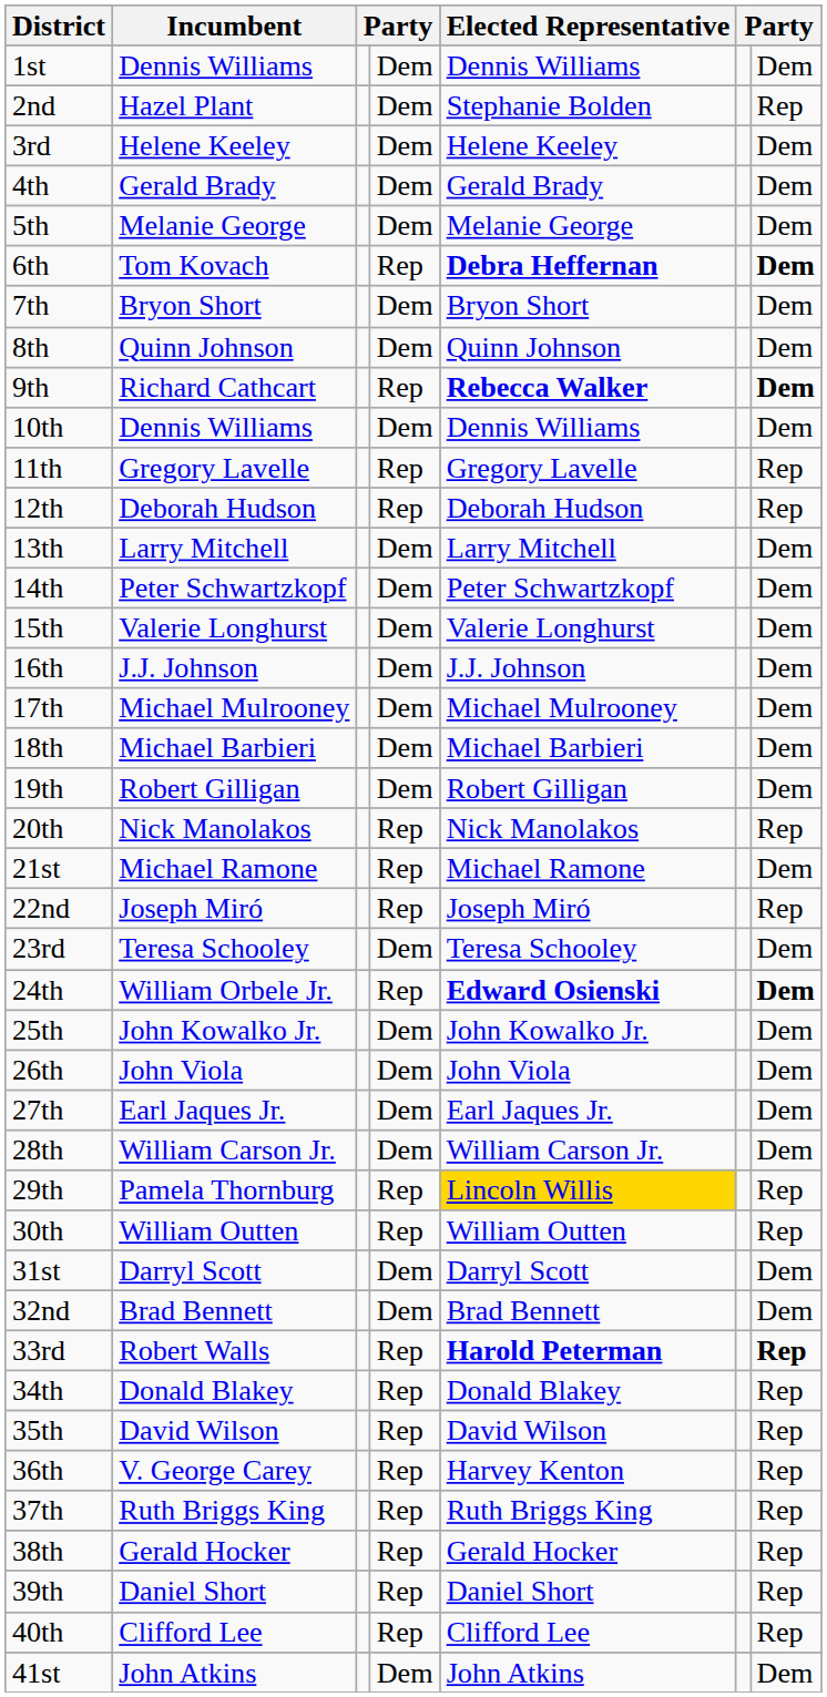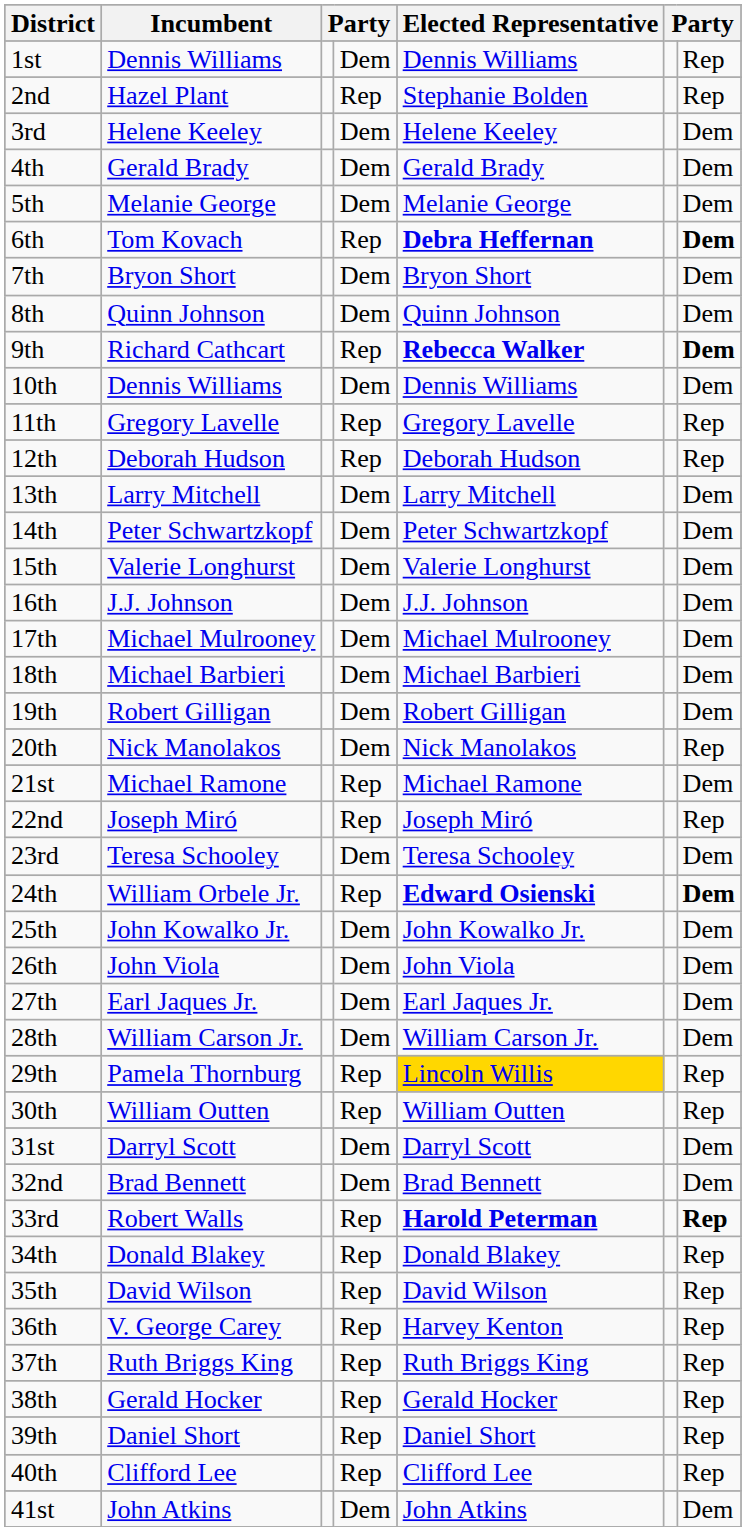 <table class="sortable wikitable" style="font-size:95%;line-height:14px;">
 <tr>
 <th class="sortable">District</th>
 <th class="unsortable">Incumbent</th>
 <th colspan="2">Party</th>
 <th class="unsortable">Elected Representative</th>
 <th colspan="2">Party</th>
 </tr>
 <tr>
 <td>1st</td>
 <td><a href='#'>Dennis Williams</a></td>
 <td style="background:"></td>
 <td>Dem</td>
 <td><a href='#'>Dennis Williams</a></td>
 <td style="background:"></td>
-<td>Dem</td>
+<td>Rep</td>
 </tr>
 <tr>
 <td>2nd</td>
 <td><a href='#'>Hazel Plant</a></td>
 <td style="background:"></td>
-<td>Dem</td>
+<td>Rep</td>
 <td><a href='#'>Stephanie Bolden</a></td>
 <td style="background:"></td>
 <td>Rep</td>
 </tr>
 <tr>
 <td>3rd</td>
 <td><a href='#'>Helene Keeley</a></td>
 <td style="background:"></td>
 <td>Dem</td>
 <td><a href='#'>Helene Keeley</a></td>
 <td style="background:"></td>
 <td>Dem</td>
 </tr>
 <tr>
 <td>4th</td>
 <td><a href='#'>Gerald Brady</a></td>
 <td style="background:"></td>
 <td>Dem</td>
 <td><a href='#'>Gerald Brady</a></td>
 <td style="background:"></td>
 <td>Dem</td>
 </tr>
 <tr>
 <td>5th</td>
 <td><a href='#'>Melanie George</a></td>
 <td style="background:"></td>
 <td>Dem</td>
 <td><a href='#'>Melanie George</a></td>
 <td style="background:"></td>
 <td>Dem</td>
 </tr>
 <tr>
 <td>6th</td>
 <td><a href='#'>Tom Kovach</a></td>
 <td style="background:"></td>
 <td>Rep</td>
 <td><strong><a href='#'>Debra Heffernan</a></strong></td>
 <td style="background:"></td>
 <td><strong>Dem</strong></td>
 </tr>
 <tr>
 <td>7th</td>
 <td><a href='#'>Bryon Short</a></td>
 <td style="background:"></td>
 <td>Dem</td>
 <td><a href='#'>Bryon Short</a></td>
 <td style="background:"></td>
 <td>Dem</td>
 </tr>
 <tr>
 <td>8th</td>
 <td><a href='#'>Quinn Johnson</a></td>
 <td style="background:"></td>
 <td>Dem</td>
 <td><a href='#'>Quinn Johnson</a></td>
 <td style="background:"></td>
 <td>Dem</td>
 </tr>
 <tr>
 <td>9th</td>
 <td><a href='#'>Richard Cathcart</a></td>
 <td style="background:"></td>
 <td>Rep</td>
 <td><strong><a href='#'>Rebecca Walker</a></strong></td>
 <td style="background:"></td>
 <td><strong>Dem</strong></td>
 </tr>
 <tr>
 <td>10th</td>
 <td><a href='#'>Dennis Williams</a></td>
 <td style="background:"></td>
 <td>Dem</td>
 <td><a href='#'>Dennis Williams</a></td>
 <td style="background:"></td>
 <td>Dem</td>
 </tr>
 <tr>
 <td>11th</td>
 <td><a href='#'>Gregory Lavelle</a></td>
 <td style="background:"></td>
 <td>Rep</td>
 <td><a href='#'>Gregory Lavelle</a></td>
 <td style="background:"></td>
 <td>Rep</td>
 </tr>
 <tr>
 <td>12th</td>
 <td><a href='#'>Deborah Hudson</a></td>
 <td style="background:"></td>
 <td>Rep</td>
 <td><a href='#'>Deborah Hudson</a></td>
 <td style="background:"></td>
 <td>Rep</td>
 </tr>
 <tr>
 <td>13th</td>
 <td><a href='#'>Larry Mitchell</a></td>
 <td style="background:"></td>
 <td>Dem</td>
 <td><a href='#'>Larry Mitchell</a></td>
 <td style="background:"></td>
 <td>Dem</td>
 </tr>
 <tr>
 <td>14th</td>
 <td><a href='#'>Peter Schwartzkopf</a></td>
 <td style="background:"></td>
 <td>Dem</td>
 <td><a href='#'>Peter Schwartzkopf</a></td>
 <td style="background:"></td>
 <td>Dem</td>
 </tr>
 <tr>
 <td>15th</td>
 <td><a href='#'>Valerie Longhurst</a></td>
 <td style="background:"></td>
 <td>Dem</td>
 <td><a href='#'>Valerie Longhurst</a></td>
 <td style="background:"></td>
 <td>Dem</td>
 </tr>
 <tr>
 <td>16th</td>
 <td><a href='#'>J.J. Johnson</a></td>
 <td style="background:"></td>
 <td>Dem</td>
 <td><a href='#'>J.J. Johnson</a></td>
 <td style="background:"></td>
 <td>Dem</td>
 </tr>
 <tr>
 <td>17th</td>
 <td><a href='#'>Michael Mulrooney</a></td>
 <td style="background:"></td>
 <td>Dem</td>
 <td><a href='#'>Michael Mulrooney</a></td>
 <td style="background:"></td>
 <td>Dem</td>
 </tr>
 <tr>
 <td>18th</td>
 <td><a href='#'>Michael Barbieri</a></td>
 <td style="background:"></td>
 <td>Dem</td>
 <td><a href='#'>Michael Barbieri</a></td>
 <td style="background:"></td>
 <td>Dem</td>
 </tr>
 <tr>
 <td>19th</td>
 <td><a href='#'>Robert Gilligan</a></td>
 <td style="background:"></td>
 <td>Dem</td>
 <td><a href='#'>Robert Gilligan</a></td>
 <td style="background:"></td>
 <td>Dem</td>
 </tr>
 <tr>
 <td>20th</td>
 <td><a href='#'>Nick Manolakos</a></td>
 <td style="background:"></td>
-<td>Rep</td>
+<td>Dem</td>
 <td><a href='#'>Nick Manolakos</a></td>
 <td style="background:"></td>
 <td>Rep</td>
 </tr>
 <tr>
 <td>21st</td>
 <td><a href='#'>Michael Ramone</a></td>
 <td style="background:"></td>
 <td>Rep</td>
 <td><a href='#'>Michael Ramone</a></td>
 <td style="background:"></td>
 <td>Dem</td>
 </tr>
 <tr>
 <td>22nd</td>
 <td><a href='#'>Joseph Miró</a></td>
 <td style="background:"></td>
 <td>Rep</td>
 <td><a href='#'>Joseph Miró</a></td>
 <td style="background:"></td>
 <td>Rep</td>
 </tr>
 <tr>
 <td>23rd</td>
 <td><a href='#'>Teresa Schooley</a></td>
 <td style="background:"></td>
 <td>Dem</td>
 <td><a href='#'>Teresa Schooley</a></td>
 <td style="background:"></td>
 <td>Dem</td>
 </tr>
 <tr>
 <td>24th</td>
 <td><a href='#'>William Orbele Jr.</a></td>
 <td style="background:"></td>
 <td>Rep</td>
 <td><strong><a href='#'>Edward Osienski</a></strong></td>
 <td style="background:"></td>
 <td><strong>Dem</strong></td>
 </tr>
 <tr>
 <td>25th</td>
 <td><a href='#'>John Kowalko Jr.</a></td>
 <td style="background:"></td>
 <td>Dem</td>
 <td><a href='#'>John Kowalko Jr.</a></td>
 <td style="background:"></td>
 <td>Dem</td>
 </tr>
 <tr>
 <td>26th</td>
 <td><a href='#'>John Viola</a></td>
 <td style="background:"></td>
 <td>Dem</td>
 <td><a href='#'>John Viola</a></td>
 <td style="background:"></td>
 <td>Dem</td>
 </tr>
 <tr>
 <td>27th</td>
 <td><a href='#'>Earl Jaques Jr.</a></td>
 <td style="background:"></td>
 <td>Dem</td>
 <td><a href='#'>Earl Jaques Jr.</a></td>
 <td style="background:"></td>
 <td>Dem</td>
 </tr>
 <tr>
 <td>28th</td>
 <td><a href='#'>William Carson Jr.</a></td>
 <td style="background:"></td>
 <td>Dem</td>
 <td><a href='#'>William Carson Jr.</a></td>
 <td style="background:"></td>
 <td>Dem</td>
 </tr>
 <tr>
 <td>29th</td>
 <td><a href='#'>Pamela Thornburg</a></td>
 <td style="background:"></td>
 <td>Rep</td>
 <td style="background: gold;"><a href='#'>Lincoln Willis</a></td>
 <td style="background:"></td>
 <td>Rep</td>
 </tr>
 <tr>
 <td>30th</td>
 <td><a href='#'>William Outten</a></td>
 <td style="background:"></td>
 <td>Rep</td>
 <td><a href='#'>William Outten</a></td>
 <td style="background:"></td>
 <td>Rep</td>
 </tr>
 <tr>
 <td>31st</td>
 <td><a href='#'>Darryl Scott</a></td>
 <td style="background:"></td>
 <td>Dem</td>
 <td><a href='#'>Darryl Scott</a></td>
 <td style="background:"></td>
 <td>Dem</td>
 </tr>
 <tr>
 <td>32nd</td>
 <td><a href='#'>Brad Bennett</a></td>
 <td style="background:"></td>
 <td>Dem</td>
 <td><a href='#'>Brad Bennett</a></td>
 <td style="background:"></td>
 <td>Dem</td>
 </tr>
 <tr>
 <td>33rd</td>
 <td><a href='#'>Robert Walls</a></td>
 <td style="background:"></td>
 <td>Rep</td>
 <td><strong><a href='#'>Harold Peterman</a></strong></td>
 <td style="background:"></td>
 <td><strong>Rep</strong></td>
 </tr>
 <tr>
 <td>34th</td>
 <td><a href='#'>Donald Blakey</a></td>
 <td style="background:"></td>
 <td>Rep</td>
 <td><a href='#'>Donald Blakey</a></td>
 <td style="background:"></td>
 <td>Rep</td>
 </tr>
 <tr>
 <td>35th</td>
 <td><a href='#'>David Wilson</a></td>
 <td style="background:"></td>
 <td>Rep</td>
 <td><a href='#'>David Wilson</a></td>
 <td style="background:"></td>
 <td>Rep</td>
 </tr>
 <tr>
 <td>36th</td>
 <td><a href='#'>V. George Carey</a></td>
 <td style="background:"></td>
 <td>Rep</td>
 <td><a href='#'>Harvey Kenton</a></td>
 <td style="background:"></td>
 <td>Rep</td>
 </tr>
 <tr>
 <td>37th</td>
 <td><a href='#'>Ruth Briggs King</a></td>
 <td style="background:"></td>
 <td>Rep</td>
 <td><a href='#'>Ruth Briggs King</a></td>
 <td style="background:"></td>
 <td>Rep</td>
 </tr>
 <tr>
 <td>38th</td>
 <td><a href='#'>Gerald Hocker</a></td>
 <td style="background:"></td>
 <td>Rep</td>
 <td><a href='#'>Gerald Hocker</a></td>
 <td style="background:"></td>
 <td>Rep</td>
 </tr>
 <tr>
 <td>39th</td>
 <td><a href='#'>Daniel Short</a></td>
 <td style="background:"></td>
 <td>Rep</td>
 <td><a href='#'>Daniel Short</a></td>
 <td style="background:"></td>
 <td>Rep</td>
 </tr>
 <tr>
 <td>40th</td>
 <td><a href='#'>Clifford Lee</a></td>
 <td style="background:"></td>
 <td>Rep</td>
 <td><a href='#'>Clifford Lee</a></td>
 <td style="background:"></td>
 <td>Rep</td>
 </tr>
 <tr>
 <td>41st</td>
 <td><a href='#'>John Atkins</a></td>
 <td style="background:"></td>
 <td>Dem</td>
 <td><a href='#'>John Atkins</a></td>
 <td style="background:"></td>
 <td>Dem</td>
 </tr>
 <tr>
 </tr>
 </table>
